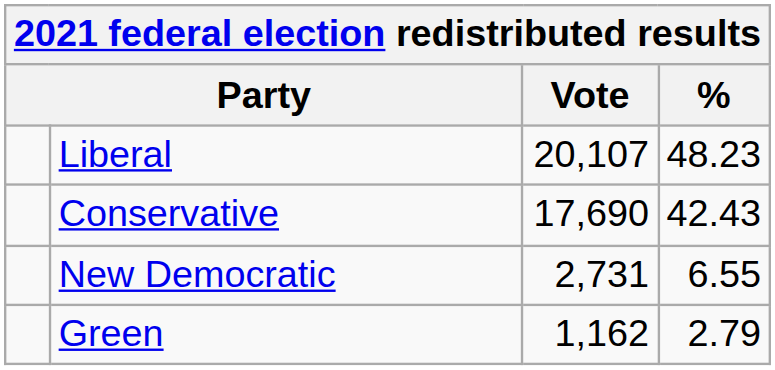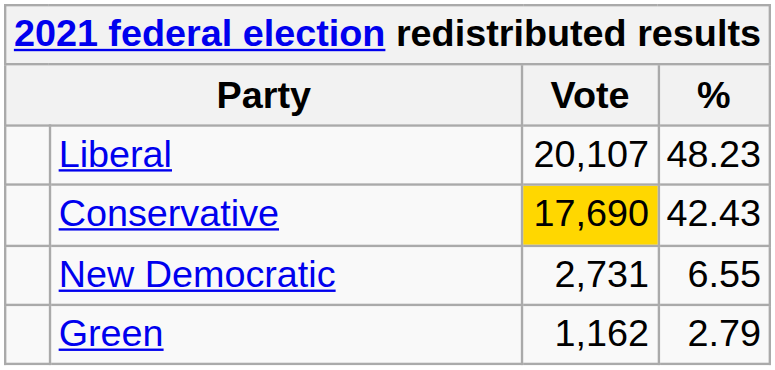 <table class="wikitable">
 <tr>
 <th colspan="4"><a href='#'>2021 federal election</a> redistributed results</th>
 </tr>
 <tr>
 <th bgcolor="#DDDDFF" width="130px" colspan="2">Party</th>
 <th bgcolor="#DDDDFF" width="50px">Vote</th>
 <th bgcolor="#DDDDFF" width="30px">%</th>
 </tr>
 <tr>
 <td> </td>
 <td><a href='#'>Liberal</a></td>
 <td align=right>20,107</td>
 <td align=right>48.23</td>
 </tr>
 <tr>
 <td> </td>
 <td><a href='#'>Conservative</a></td>
-<td align=right>17,690</td>
+<td align=right style="background: gold;">17,690</td>
 <td align=right>42.43</td>
 </tr>
 <tr>
 <td> </td>
 <td><a href='#'>New Democratic</a></td>
 <td align=right>2,731</td>
 <td align=right>6.55</td>
 </tr>
 <tr>
 <td> </td>
 <td><a href='#'>Green</a></td>
 <td align=right>1,162</td>
 <td align=right>2.79</td>
 </tr>
 </table>
